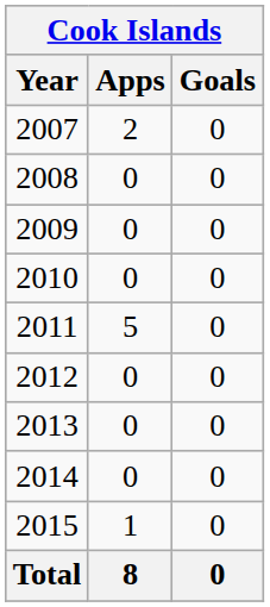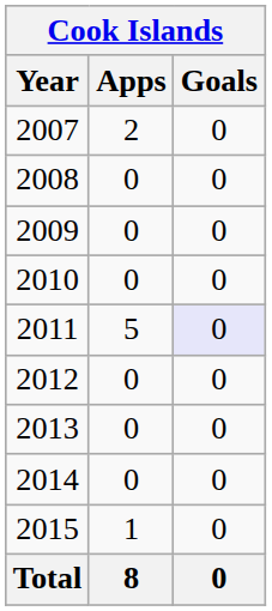 <table class="wikitable" style="text-align:center">
 <tr>
 <th colspan=3><a href='#'>Cook Islands</a></th>
 </tr>
 <tr>
 <th>Year</th>
 <th>Apps</th>
 <th>Goals</th>
 </tr>
 <tr>
 <td>2007</td>
 <td>2</td>
 <td>0</td>
 </tr>
 <tr>
 <td>2008</td>
 <td>0</td>
 <td>0</td>
 </tr>
 <tr>
 <td>2009</td>
 <td>0</td>
 <td>0</td>
 </tr>
 <tr>
 <td>2010</td>
 <td>0</td>
 <td>0</td>
 </tr>
 <tr>
 <td>2011</td>
 <td>5</td>
-<td>0</td>
+<td style="background: lavender;">0</td>
 </tr>
 <tr>
 <td>2012</td>
 <td>0</td>
 <td>0</td>
 </tr>
 <tr>
 <td>2013</td>
 <td>0</td>
 <td>0</td>
 </tr>
 <tr>
 <td>2014</td>
 <td>0</td>
 <td>0</td>
 </tr>
 <tr>
 <td>2015</td>
 <td>1</td>
 <td>0</td>
 </tr>
 <tr>
 <th>Total</th>
 <th>8</th>
 <th>0</th>
 </tr>
 </table>
